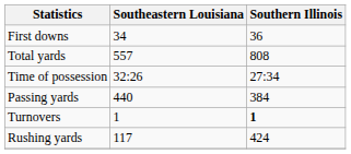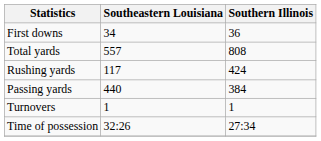 <table class="wikitable">
 <tr>
 <th>Statistics</th>
 <th>Southeastern Louisiana</th>
 <th>Southern Illinois</th>
 </tr>
 <tr>
 <td>First downs</td>
 <td>34</td>
 <td>36</td>
 </tr>
 <tr>
 <td>Total yards</td>
 <td>557</td>
 <td>808</td>
 </tr>
 <tr>
-<td>Time of possession</td>
-<td>32:26</td>
-<td>27:34</td>
+<td>Rushing yards</td>
+<td>117</td>
+<td>424</td>
 </tr>
 <tr>
 <td>Passing yards</td>
 <td>440</td>
 <td>384</td>
 </tr>
 <tr>
 <td>Turnovers</td>
 <td>1</td>
-<td><strong>1</strong></td>
+<td>1</td>
 </tr>
 <tr>
-<td>Rushing yards</td>
-<td>117</td>
-<td>424</td>
+<td>Time of possession</td>
+<td>32:26</td>
+<td>27:34</td>
 </tr>
 <tr>
 </tr>
 </table>
